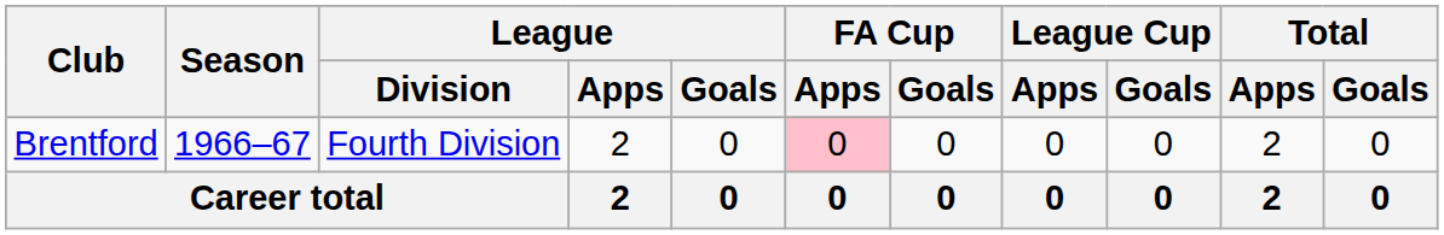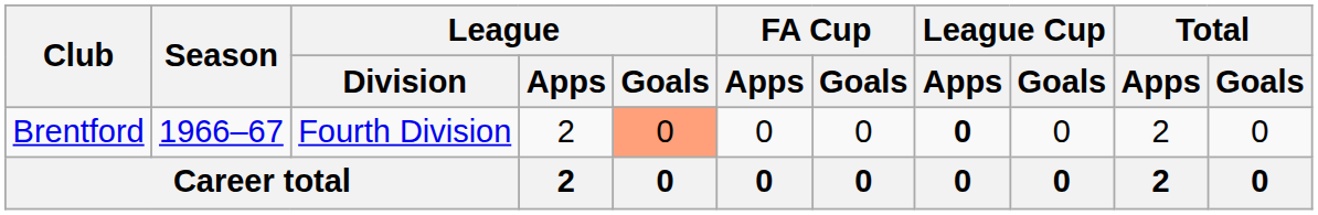 <table class="wikitable" style="text-align: center;">
 <tr>
 <th rowspan="2">Club</th>
 <th rowspan="2">Season</th>
 <th colspan="3">League</th>
 <th colspan="2">FA Cup</th>
 <th colspan="2">League Cup</th>
 <th colspan="2">Total</th>
 </tr>
 <tr>
 <th>Division</th>
 <th>Apps</th>
 <th>Goals</th>
 <th>Apps</th>
 <th>Goals</th>
 <th>Apps</th>
 <th>Goals</th>
 <th>Apps</th>
 <th>Goals</th>
 </tr>
 <tr>
 <td><a href='#'>Brentford</a></td>
 <td><a href='#'>1966–67</a></td>
 <td><a href='#'>Fourth Division</a></td>
 <td>2</td>
-<td>0</td>
-<td style="background: pink;">0</td>
+<td style="background: lightsalmon;">0</td>
 <td>0</td>
 <td>0</td>
+<td><strong>0</strong></td>
 <td>0</td>
 <td>2</td>
 <td>0</td>
 </tr>
 <tr>
 <th colspan="3">Career total</th>
 <th>2</th>
 <th>0</th>
 <th>0</th>
 <th>0</th>
 <th>0</th>
 <th>0</th>
 <th>2</th>
 <th>0</th>
 </tr>
 </table>
